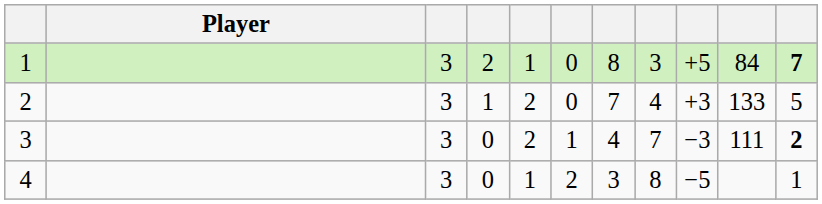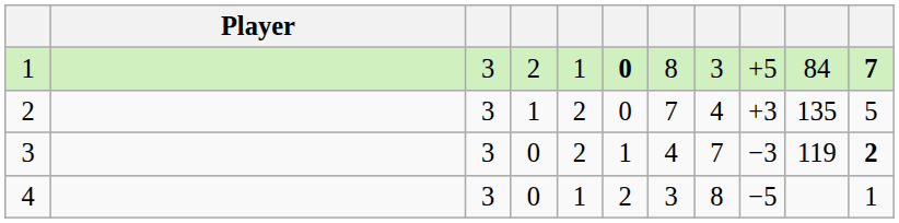 <table class="wikitable" style="text-align:center; margin: 1em auto 1em auto, align:left">
 <tr>
 <th width=20></th>
 <th width=240>Player</th>
 <th width=20></th>
 <th width=20></th>
 <th width=20></th>
 <th width=20></th>
 <th width=20></th>
 <th width=20></th>
 <th width=20></th>
 <th width=30></th>
 <th width=20></th>
 </tr>
 <tr style="background:#D0F0C0;">
 <td>1</td>
 <td align=left></td>
 <td>3</td>
 <td>2</td>
 <td>1</td>
-<td>0</td>
+<td><strong>0</strong></td>
 <td>8</td>
 <td>3</td>
 <td>+5</td>
 <td>84</td>
 <td><strong>7</strong></td>
 </tr>
 <tr style=>
 <td>2</td>
 <td align=left></td>
 <td>3</td>
 <td>1</td>
 <td>2</td>
 <td>0</td>
 <td>7</td>
 <td>4</td>
 <td>+3</td>
-<td>133</td>
+<td>135</td>
 <td>5</td>
 </tr>
 <tr style=>
 <td>3</td>
 <td align=left></td>
 <td>3</td>
 <td>0</td>
 <td>2</td>
 <td>1</td>
 <td>4</td>
 <td>7</td>
 <td>−3</td>
-<td>111</td>
+<td>119</td>
 <td><strong>2</strong></td>
 </tr>
 <tr style=>
 <td>4</td>
 <td align=left></td>
 <td>3</td>
 <td>0</td>
 <td>1</td>
 <td>2</td>
 <td>3</td>
 <td>8</td>
 <td>−5</td>
 <td></td>
 <td>1</td>
 </tr>
 </table>
